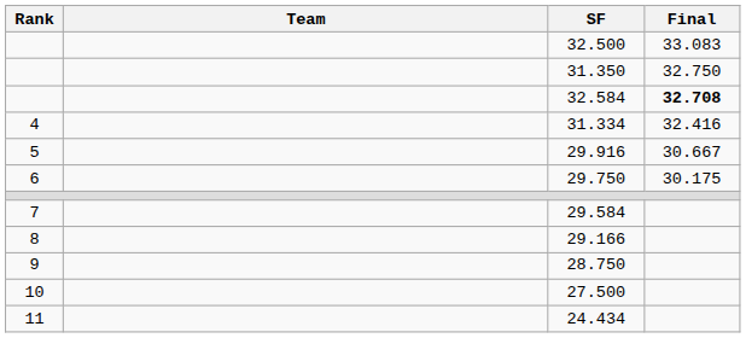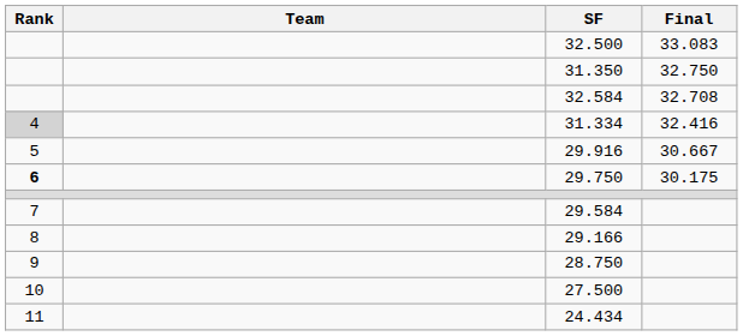 <table class=wikitable style="text-align:center">
 <tr>
 <th width=40>Rank</th>
 <th width=380>Team</th>
 <th width=70>SF</th>
 <th width=70>Final</th>
 </tr>
 <tr>
 <td></td>
 <td align=left></td>
 <td>32.500</td>
 <td>33.083</td>
 </tr>
 <tr>
 <td></td>
 <td align=left></td>
 <td>31.350</td>
 <td>32.750</td>
 </tr>
 <tr>
 <td></td>
 <td align=left></td>
 <td>32.584</td>
-<td><strong>32.708</strong></td>
+<td>32.708</td>
 </tr>
 <tr>
-<td>4</td>
+<td style="background: lightgrey;">4</td>
 <td align=left></td>
 <td>31.334</td>
 <td>32.416</td>
 </tr>
 <tr>
 <td>5</td>
 <td align=left></td>
 <td>29.916</td>
 <td>30.667</td>
 </tr>
 <tr>
-<td>6</td>
+<td><strong>6</strong></td>
 <td align=left></td>
 <td>29.750</td>
 <td>30.175</td>
 </tr>
 <tr bgcolor=#DDDDDD>
 <td colspan=4></td>
 </tr>
 <tr>
 <td>7</td>
 <td align=left></td>
 <td>29.584</td>
 <td></td>
 </tr>
 <tr>
 <td>8</td>
 <td align=left></td>
 <td>29.166</td>
 <td></td>
 </tr>
 <tr>
 <td>9</td>
 <td align=left></td>
 <td>28.750</td>
 <td></td>
 </tr>
 <tr>
 <td>10</td>
 <td align=left></td>
 <td>27.500</td>
 <td></td>
 </tr>
 <tr>
 <td>11</td>
 <td align=left></td>
 <td>24.434</td>
 <td></td>
 </tr>
 </table>
